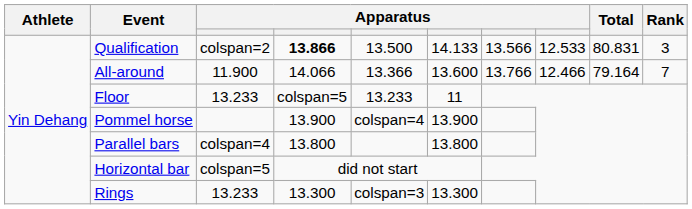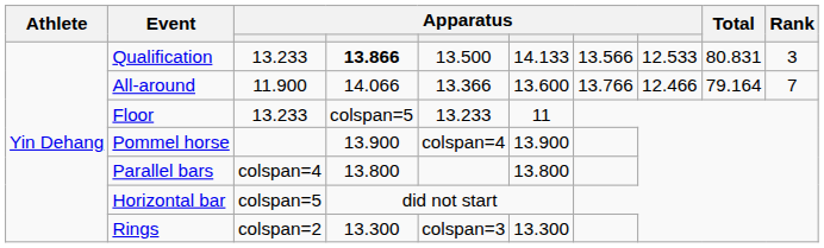 <table class="wikitable" style="text-align:center;font-size:90%">
 <tr>
 <th rowspan=2>Athlete</th>
 <th rowspan=2>Event</th>
 <th colspan=6>Apparatus</th>
 <th rowspan=2>Total</th>
 <th rowspan=2>Rank</th>
 </tr>
 <tr style="font-size:95%">
 <th></th>
 <th></th>
 <th></th>
 <th></th>
 <th></th>
 <th></th>
 </tr>
 <tr>
 <td rowspan=7 align=left><a href='#'>Yin Dehang</a></td>
 <td align=left><a href='#'>Qualification</a></td>
-<td>colspan=2 </td>
+<td>13.233</td>
 <td><strong>13.866</strong></td>
 <td>13.500</td>
 <td>14.133</td>
 <td>13.566</td>
 <td>12.533</td>
 <td>80.831</td>
 <td>3</td>
 </tr>
 <tr>
 <td align=left><a href='#'>All-around</a></td>
 <td>11.900</td>
 <td>14.066</td>
 <td>13.366</td>
 <td>13.600</td>
 <td>13.766</td>
 <td>12.466</td>
 <td>79.164</td>
 <td>7</td>
 </tr>
 <tr>
 <td align=left><a href='#'>Floor</a></td>
 <td>13.233</td>
 <td>colspan=5 </td>
 <td>13.233</td>
 <td>11</td>
 </tr>
 <tr>
 <td align=left><a href='#'>Pommel horse</a></td>
 <td></td>
 <td>13.900</td>
 <td>colspan=4 </td>
 <td>13.900</td>
 <td></td>
 </tr>
 <tr>
 <td align=left><a href='#'>Parallel bars</a></td>
 <td>colspan=4 </td>
 <td>13.800</td>
 <td></td>
 <td>13.800</td>
 <td></td>
 </tr>
 <tr>
 <td align=left><a href='#'>Horizontal bar</a></td>
 <td>colspan=5 </td>
 <td colspan=3>did not start</td>
 </tr>
 <tr>
 <td align=left><a href='#'>Rings</a></td>
-<td>13.233</td>
+<td>colspan=2 </td>
 <td>13.300</td>
 <td>colspan=3 </td>
 <td>13.300</td>
 <td></td>
 </tr>
 </table>
